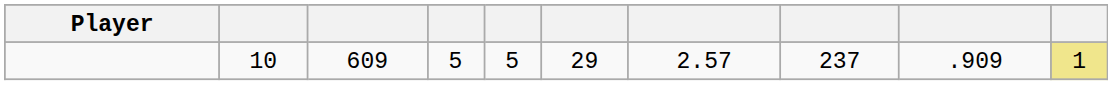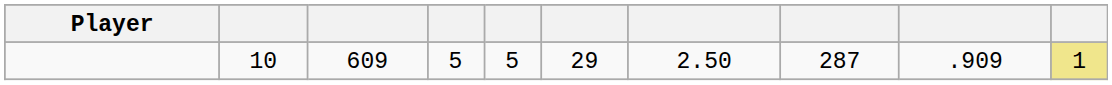 <table class="wikitable sortable" style="width:100%;">
 <tr style="text-align:center; background:#ddd;">
 <th>Player</th>
 <th></th>
 <th></th>
 <th></th>
 <th></th>
 <th></th>
 <th></th>
 <th></th>
 <th></th>
 <th></th>
 </tr>
 <tr style="text-align:center;">
 <td></td>
 <td>10</td>
 <td>609</td>
 <td>5</td>
 <td>5</td>
 <td>29</td>
-<td>2.57</td>
-<td>237</td>
+<td>2.50</td>
+<td>287</td>
 <td>.909</td>
 <td style="background: khaki;">1</td>
 </tr>
 </table>
